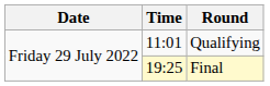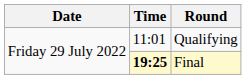 <table class="wikitable">
 <tr>
 <th>Date</th>
 <th>Time</th>
 <th>Round</th>
 </tr>
 <tr>
 <td rowspan=2>Friday 29 July 2022</td>
 <td>11:01</td>
 <td>Qualifying</td>
 </tr>
 <tr>
-<td style=background:lemonchiffon>19:25</td>
+<td style=background:lemonchiffon><strong>19:25</strong></td>
 <td style=background:lemonchiffon>Final</td>
 </tr>
 </table>
